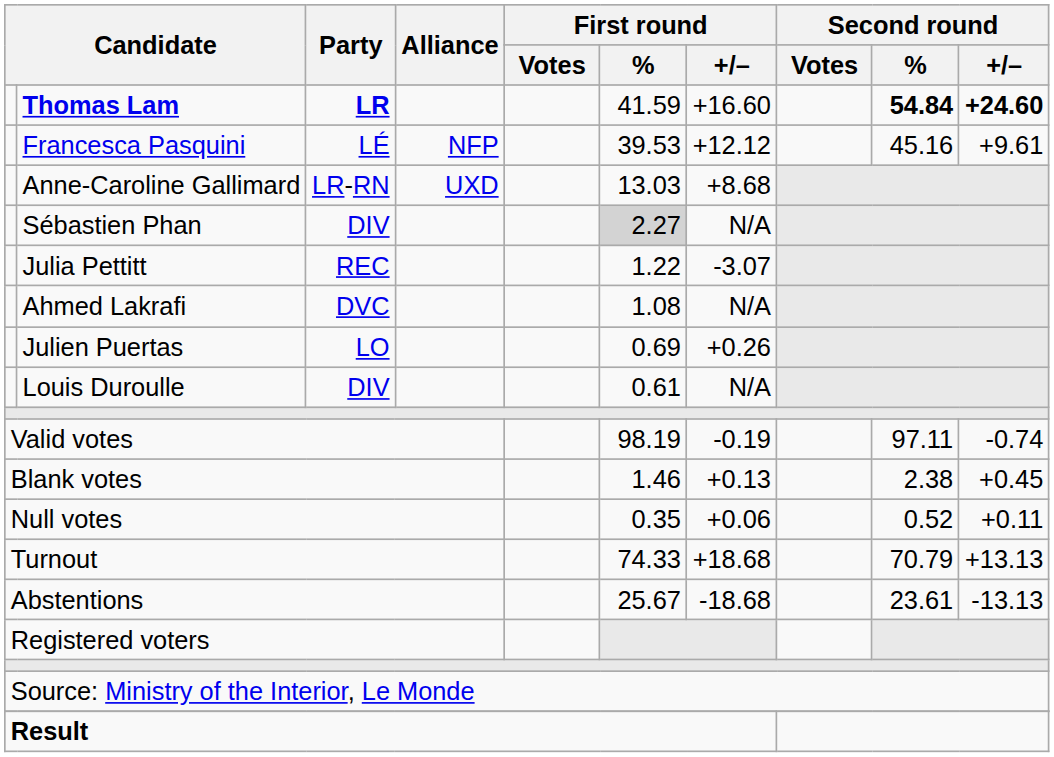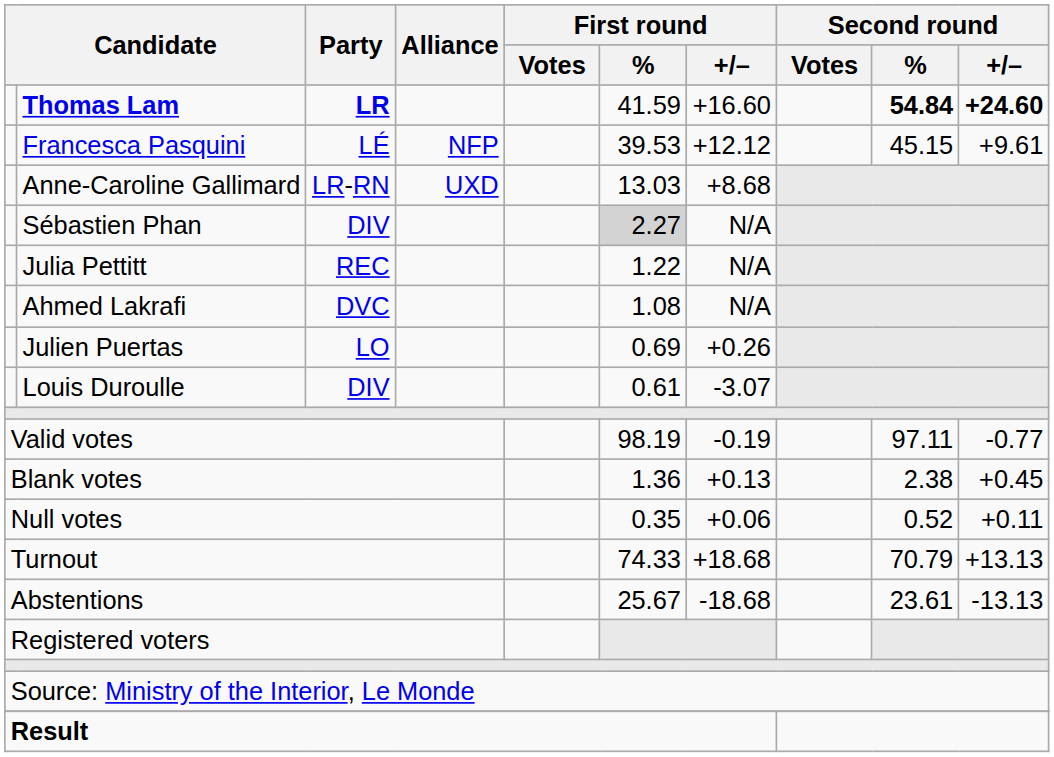 <table class="wikitable" style="text-align:right;font-size:95%;">
 <tr>
 <th rowspan="2" colspan="2">Candidate</th>
 <th rowspan="2">Party</th>
 <th rowspan="2">Alliance</th>
 <th colspan="3">First round</th>
 <th colspan="3">Second round</th>
 </tr>
 <tr>
 <th style="width:50px;">Votes</th>
 <th style="width:45px;">%</th>
 <th style="width:45px;">+/–</th>
 <th style="width:50px;">Votes</th>
 <th style="width:45px;">%</th>
 <th style="width:45px;">+/–</th>
 </tr>
 <tr>
 <td style="color:inherit;background:"></td>
 <td style="text-align:left;"><strong><a href='#'>Thomas Lam</a></strong></td>
 <td><a href='#'><strong>LR</strong></a></td>
 <td></td>
 <td></td>
 <td>41.59</td>
 <td>+16.60</td>
 <td><strong></strong></td>
 <td><strong>54.84</strong></td>
 <td><strong>+24.60</strong></td>
 </tr>
 <tr>
 <td style="color:inherit;background:"></td>
 <td style="text-align:left;"><a href='#'>Francesca Pasquini</a></td>
 <td><a href='#'>LÉ</a></td>
 <td><a href='#'>NFP</a></td>
 <td></td>
 <td>39.53</td>
 <td>+12.12</td>
 <td></td>
-<td>45.16</td>
+<td>45.15</td>
 <td>+9.61</td>
 </tr>
 <tr>
 <td style="color:inherit;background:"></td>
 <td style="text-align:left;">Anne-Caroline Gallimard</td>
 <td><a href='#'>LR</a>-<a href='#'>RN</a></td>
 <td><a href='#'>UXD</a></td>
 <td></td>
 <td>13.03</td>
 <td>+8.68</td>
 <td colspan="3" style="background:#E9E9E9;"></td>
 </tr>
 <tr>
 <td style="color:inherit;background:"></td>
 <td style="text-align:left;">Sébastien Phan</td>
 <td><a href='#'>DIV</a></td>
 <td></td>
 <td></td>
 <td style="background: lightgrey;">2.27</td>
 <td>N/A</td>
 <td colspan="3" style="background:#E9E9E9;"></td>
 </tr>
 <tr>
 <td style="color:inherit;background:"></td>
 <td style="text-align:left;">Julia Pettitt</td>
 <td><a href='#'>REC</a></td>
 <td></td>
 <td></td>
 <td>1.22</td>
-<td>-3.07</td>
+<td>N/A</td>
 <td colspan="3" style="background:#E9E9E9;"></td>
 </tr>
 <tr>
 <td style="color:inherit;background:"></td>
 <td style="text-align:left;">Ahmed Lakrafi</td>
 <td><a href='#'>DVC</a></td>
 <td></td>
 <td></td>
 <td>1.08</td>
 <td>N/A</td>
 <td colspan="3" style="background:#E9E9E9;"></td>
 </tr>
 <tr>
 <td style="color:inherit;background:"></td>
 <td style="text-align:left;">Julien Puertas</td>
 <td><a href='#'>LO</a></td>
 <td></td>
 <td></td>
 <td>0.69</td>
 <td>+0.26</td>
 <td colspan="3" style="background:#E9E9E9;"></td>
 </tr>
 <tr>
 <td style="color:inherit;background:"></td>
 <td style="text-align:left;">Louis Duroulle</td>
 <td><a href='#'>DIV</a></td>
 <td></td>
 <td></td>
 <td>0.61</td>
-<td>N/A</td>
+<td>-3.07</td>
 <td colspan="3" style="background:#E9E9E9;"></td>
 </tr>
 <tr>
 <td colspan="10" style="background:#E9E9E9;"></td>
 </tr>
 <tr>
 <td colspan="4" style="text-align:left;">Valid votes</td>
 <td></td>
 <td>98.19</td>
 <td>-0.19</td>
 <td></td>
 <td>97.11</td>
-<td>-0.74</td>
+<td>-0.77</td>
 </tr>
 <tr>
 <td colspan="4" style="text-align:left;">Blank votes</td>
 <td></td>
-<td>1.46</td>
+<td>1.36</td>
 <td>+0.13</td>
 <td></td>
 <td>2.38</td>
 <td>+0.45</td>
 </tr>
 <tr>
 <td colspan="4" style="text-align:left;">Null votes</td>
 <td></td>
 <td>0.35</td>
 <td>+0.06</td>
 <td></td>
 <td>0.52</td>
 <td>+0.11</td>
 </tr>
 <tr>
 <td colspan="4" style="text-align:left;">Turnout</td>
 <td></td>
 <td>74.33</td>
 <td>+18.68</td>
 <td></td>
 <td>70.79</td>
 <td>+13.13</td>
 </tr>
 <tr>
 <td colspan="4" style="text-align:left;">Abstentions</td>
 <td></td>
 <td>25.67</td>
 <td>-18.68</td>
 <td></td>
 <td>23.61</td>
 <td>-13.13</td>
 </tr>
 <tr>
 <td colspan="4" style="text-align:left;">Registered voters</td>
 <td></td>
 <td colspan="2" style="background:#E9E9E9;"></td>
 <td></td>
 <td colspan="2" style="background:#E9E9E9;"></td>
 </tr>
 <tr>
 <td colspan="10" style="background:#E9E9E9;"></td>
 </tr>
 <tr>
 <td colspan="10" style="text-align:left;">Source: <a href='#'>Ministry of the Interior</a>, <a href='#'>Le Monde</a></td>
 </tr>
 <tr>
 </tr>
 <tr style="font-weight:bold">
 <td colspan="7" style="text-align:left;">Result</td>
 <td colspan="7" style="background-color:"></td>
 </tr>
 </table>
